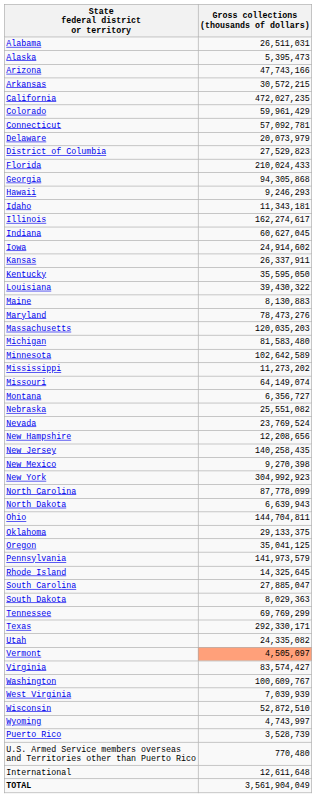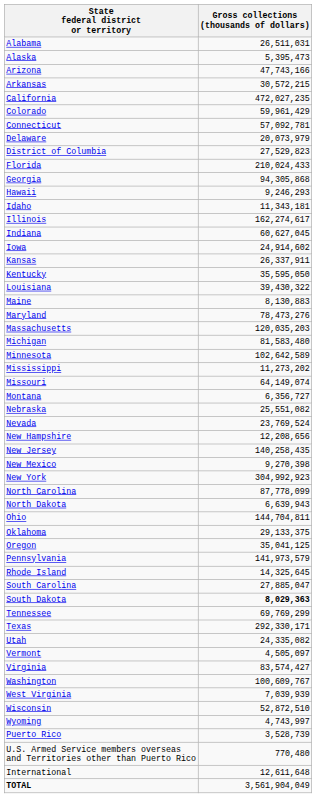 <table class="wikitable sortable">
 <tr>
 <th align="center">State<br>federal district<br> or territory</th>
 <th align="center">Gross collections<br>(thousands of dollars)</th>
 </tr>
 <tr>
 <td><a href='#'>Alabama</a></td>
 <td align="right">26,511,031</td>
 </tr>
 <tr>
 <td><a href='#'>Alaska</a></td>
 <td align="right">5,395,473</td>
 </tr>
 <tr>
 <td><a href='#'>Arizona</a></td>
 <td align="right">47,743,166</td>
 </tr>
 <tr>
 <td><a href='#'>Arkansas</a></td>
 <td align="right">30,572,215</td>
 </tr>
 <tr>
 <td><a href='#'>California</a></td>
 <td align="right">472,027,235</td>
 </tr>
 <tr>
 <td><a href='#'>Colorado</a></td>
 <td align="right">59,961,429</td>
 </tr>
 <tr>
 <td><a href='#'>Connecticut</a></td>
 <td align="right">57,092,781</td>
 </tr>
 <tr>
 <td><a href='#'>Delaware</a></td>
 <td align="right">20,073,979</td>
 </tr>
 <tr>
 <td><a href='#'>District of Columbia</a></td>
 <td align="right">27,529,823</td>
 </tr>
 <tr>
 <td><a href='#'>Florida</a></td>
 <td align="right">210,024,433</td>
 </tr>
 <tr>
 <td><a href='#'>Georgia</a></td>
 <td align="right">94,305,868</td>
 </tr>
 <tr>
 <td><a href='#'>Hawaii</a></td>
 <td align="right">9,246,293</td>
 </tr>
 <tr>
 <td><a href='#'>Idaho</a></td>
 <td align="right">11,343,181</td>
 </tr>
 <tr>
 <td><a href='#'>Illinois</a></td>
 <td align="right">162,274,617</td>
 </tr>
 <tr>
 <td><a href='#'>Indiana</a></td>
 <td align="right">60,627,045</td>
 </tr>
 <tr>
 <td><a href='#'>Iowa</a></td>
 <td align="right">24,914,602</td>
 </tr>
 <tr>
 <td><a href='#'>Kansas</a></td>
 <td align="right">26,337,911</td>
 </tr>
 <tr>
 <td><a href='#'>Kentucky</a></td>
 <td align="right">35,595,050</td>
 </tr>
 <tr>
 <td><a href='#'>Louisiana</a></td>
 <td align="right">39,430,322</td>
 </tr>
 <tr>
 <td><a href='#'>Maine</a></td>
 <td align="right">8,130,883</td>
 </tr>
 <tr>
 <td><a href='#'>Maryland</a></td>
 <td align="right">78,473,276</td>
 </tr>
 <tr>
 <td><a href='#'>Massachusetts</a></td>
 <td align="right">120,035,203</td>
 </tr>
 <tr>
 <td><a href='#'>Michigan</a></td>
 <td align="right">81,583,480</td>
 </tr>
 <tr>
 <td><a href='#'>Minnesota</a></td>
 <td align="right">102,642,589</td>
 </tr>
 <tr>
 <td><a href='#'>Mississippi</a></td>
 <td align="right">11,273,202</td>
 </tr>
 <tr>
 <td><a href='#'>Missouri</a></td>
 <td align="right">64,149,074</td>
 </tr>
 <tr>
 <td><a href='#'>Montana</a></td>
 <td align="right">6,356,727</td>
 </tr>
 <tr>
 <td><a href='#'>Nebraska</a></td>
 <td align="right">25,551,082</td>
 </tr>
 <tr>
 <td><a href='#'>Nevada</a></td>
 <td align="right">23,769,524</td>
 </tr>
 <tr>
 <td><a href='#'>New Hampshire</a></td>
 <td align="right">12,208,656</td>
 </tr>
 <tr>
 <td><a href='#'>New Jersey</a></td>
 <td align="right">140,258,435</td>
 </tr>
 <tr>
 <td><a href='#'>New Mexico</a></td>
 <td align="right">9,270,398</td>
 </tr>
 <tr>
 <td><a href='#'>New York</a></td>
 <td align="right">304,992,923</td>
 </tr>
 <tr>
 <td><a href='#'>North Carolina</a></td>
 <td align="right">87,778,099</td>
 </tr>
 <tr>
 <td><a href='#'>North Dakota</a></td>
 <td align="right">6,639,943</td>
 </tr>
 <tr>
 <td><a href='#'>Ohio</a></td>
 <td align="right">144,704,811</td>
 </tr>
 <tr>
 <td><a href='#'>Oklahoma</a></td>
 <td align="right">29,133,375</td>
 </tr>
 <tr>
 <td><a href='#'>Oregon</a></td>
 <td align="right">35,041,125</td>
 </tr>
 <tr>
 <td><a href='#'>Pennsylvania</a></td>
 <td align="right">141,973,579</td>
 </tr>
 <tr>
 <td><a href='#'>Rhode Island</a></td>
 <td align="right">14,325,645</td>
 </tr>
 <tr>
 <td><a href='#'>South Carolina</a></td>
 <td align="right">27,885,047</td>
 </tr>
 <tr>
 <td><a href='#'>South Dakota</a></td>
-<td align="right">8,029,363</td>
+<td align="right"><strong>8,029,363</strong></td>
 </tr>
 <tr>
 <td><a href='#'>Tennessee</a></td>
 <td align="right">69,769,299</td>
 </tr>
 <tr>
 <td><a href='#'>Texas</a></td>
 <td align="right">292,330,171</td>
 </tr>
 <tr>
 <td><a href='#'>Utah</a></td>
 <td align="right">24,335,082</td>
 </tr>
 <tr>
 <td><a href='#'>Vermont</a></td>
-<td align="right" style="background: lightsalmon;">4,505,097</td>
+<td align="right">4,505,097</td>
 </tr>
 <tr>
 <td><a href='#'>Virginia</a></td>
 <td align="right">83,574,427</td>
 </tr>
 <tr>
 <td><a href='#'>Washington</a></td>
 <td align="right">100,609,767</td>
 </tr>
 <tr>
 <td><a href='#'>West Virginia</a></td>
 <td align="right">7,039,939</td>
 </tr>
 <tr>
 <td><a href='#'>Wisconsin</a></td>
 <td align="right">52,872,510</td>
 </tr>
 <tr>
 <td><a href='#'>Wyoming</a></td>
 <td align="right">4,743,997</td>
 </tr>
 <tr>
 <td><a href='#'>Puerto Rico</a></td>
 <td align="right">3,528,739</td>
 </tr>
 <tr>
 <td>U.S. Armed Service members overseas<br>and Territories other than Puerto Rico</td>
 <td align="right">770,480</td>
 </tr>
 <tr>
 <td>International</td>
 <td align="right">12,611,648</td>
 </tr>
 <tr class="sortbottom">
 <td><strong>TOTAL</strong></td>
 <td align="right">3,561,904,049</td>
 </tr>
 </table>
